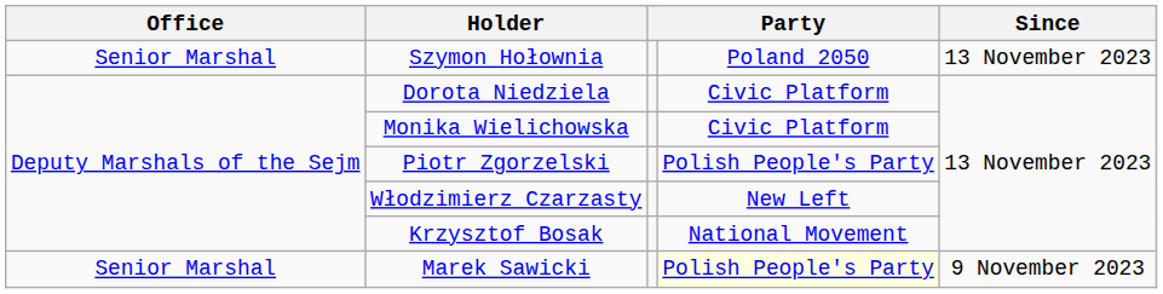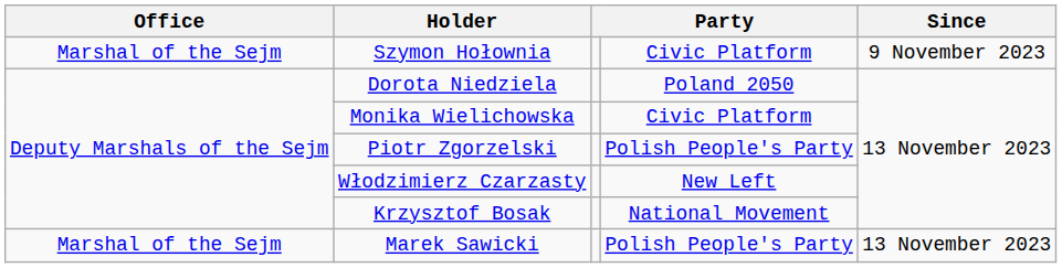 <table class="wikitable" width="auto" style="text-align: center">
 <tr>
 <th>Office</th>
 <th>Holder</th>
 <th colspan=2>Party</th>
 <th>Since</th>
 </tr>
 <tr>
-<td><a href='#'>Senior Marshal</a></td>
+<td><a href='#'>Marshal of the Sejm</a></td>
 <td><a href='#'>Szymon Hołownia</a></td>
 <td style="background: "></td>
-<td><a href='#'>Poland 2050</a></td>
-<td>13 November 2023</td>
+<td><a href='#'>Civic Platform</a></td>
+<td>9 November 2023</td>
 </tr>
 <tr>
 <td rowspan=5><a href='#'>Deputy Marshals of the Sejm</a></td>
 <td><a href='#'>Dorota Niedziela</a></td>
 <td style="background: "></td>
-<td><a href='#'>Civic Platform</a></td>
+<td><a href='#'>Poland 2050</a></td>
 <td rowspan=5>13 November 2023</td>
 </tr>
 <tr>
 <td><a href='#'>Monika Wielichowska</a></td>
 <td style="background: "></td>
 <td><a href='#'>Civic Platform</a></td>
 </tr>
 <tr>
 <td><a href='#'>Piotr Zgorzelski</a></td>
 <td style="background: "></td>
 <td><a href='#'>Polish People's Party</a></td>
 </tr>
 <tr>
 <td><a href='#'>Włodzimierz Czarzasty</a></td>
 <td style="background: "></td>
 <td><a href='#'>New Left</a></td>
 </tr>
 <tr>
 <td><a href='#'>Krzysztof Bosak</a></td>
 <td style="background: "></td>
 <td><a href='#'>National Movement</a></td>
 </tr>
 <tr>
-<td><a href='#'>Senior Marshal</a></td>
+<td><a href='#'>Marshal of the Sejm</a></td>
 <td><a href='#'>Marek Sawicki</a></td>
 <td style="background: "></td>
-<td style="background: lightyellow;"><a href='#'>Polish People's Party</a></td>
-<td>9 November 2023</td>
+<td><a href='#'>Polish People's Party</a></td>
+<td>13 November 2023</td>
 </tr>
 </table>
